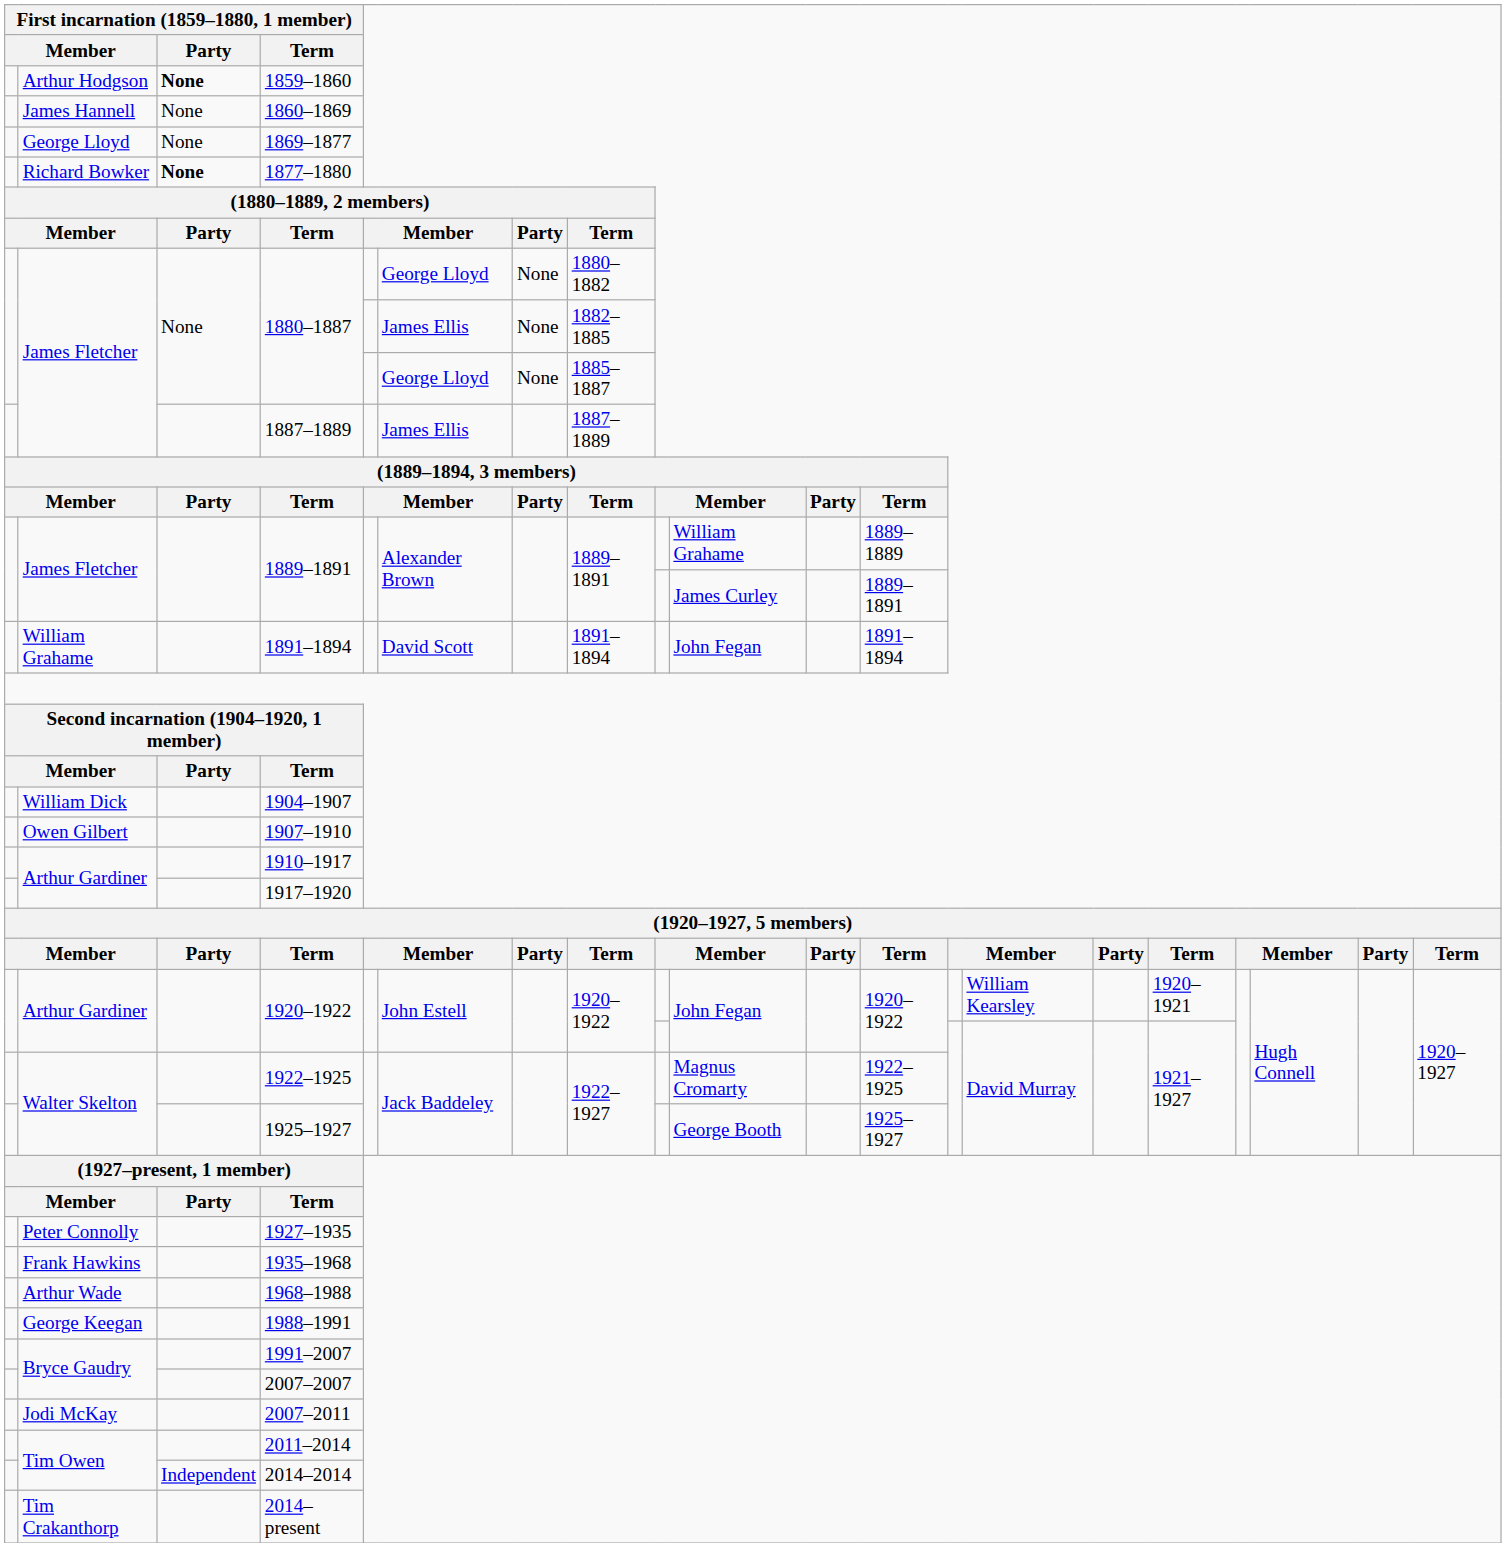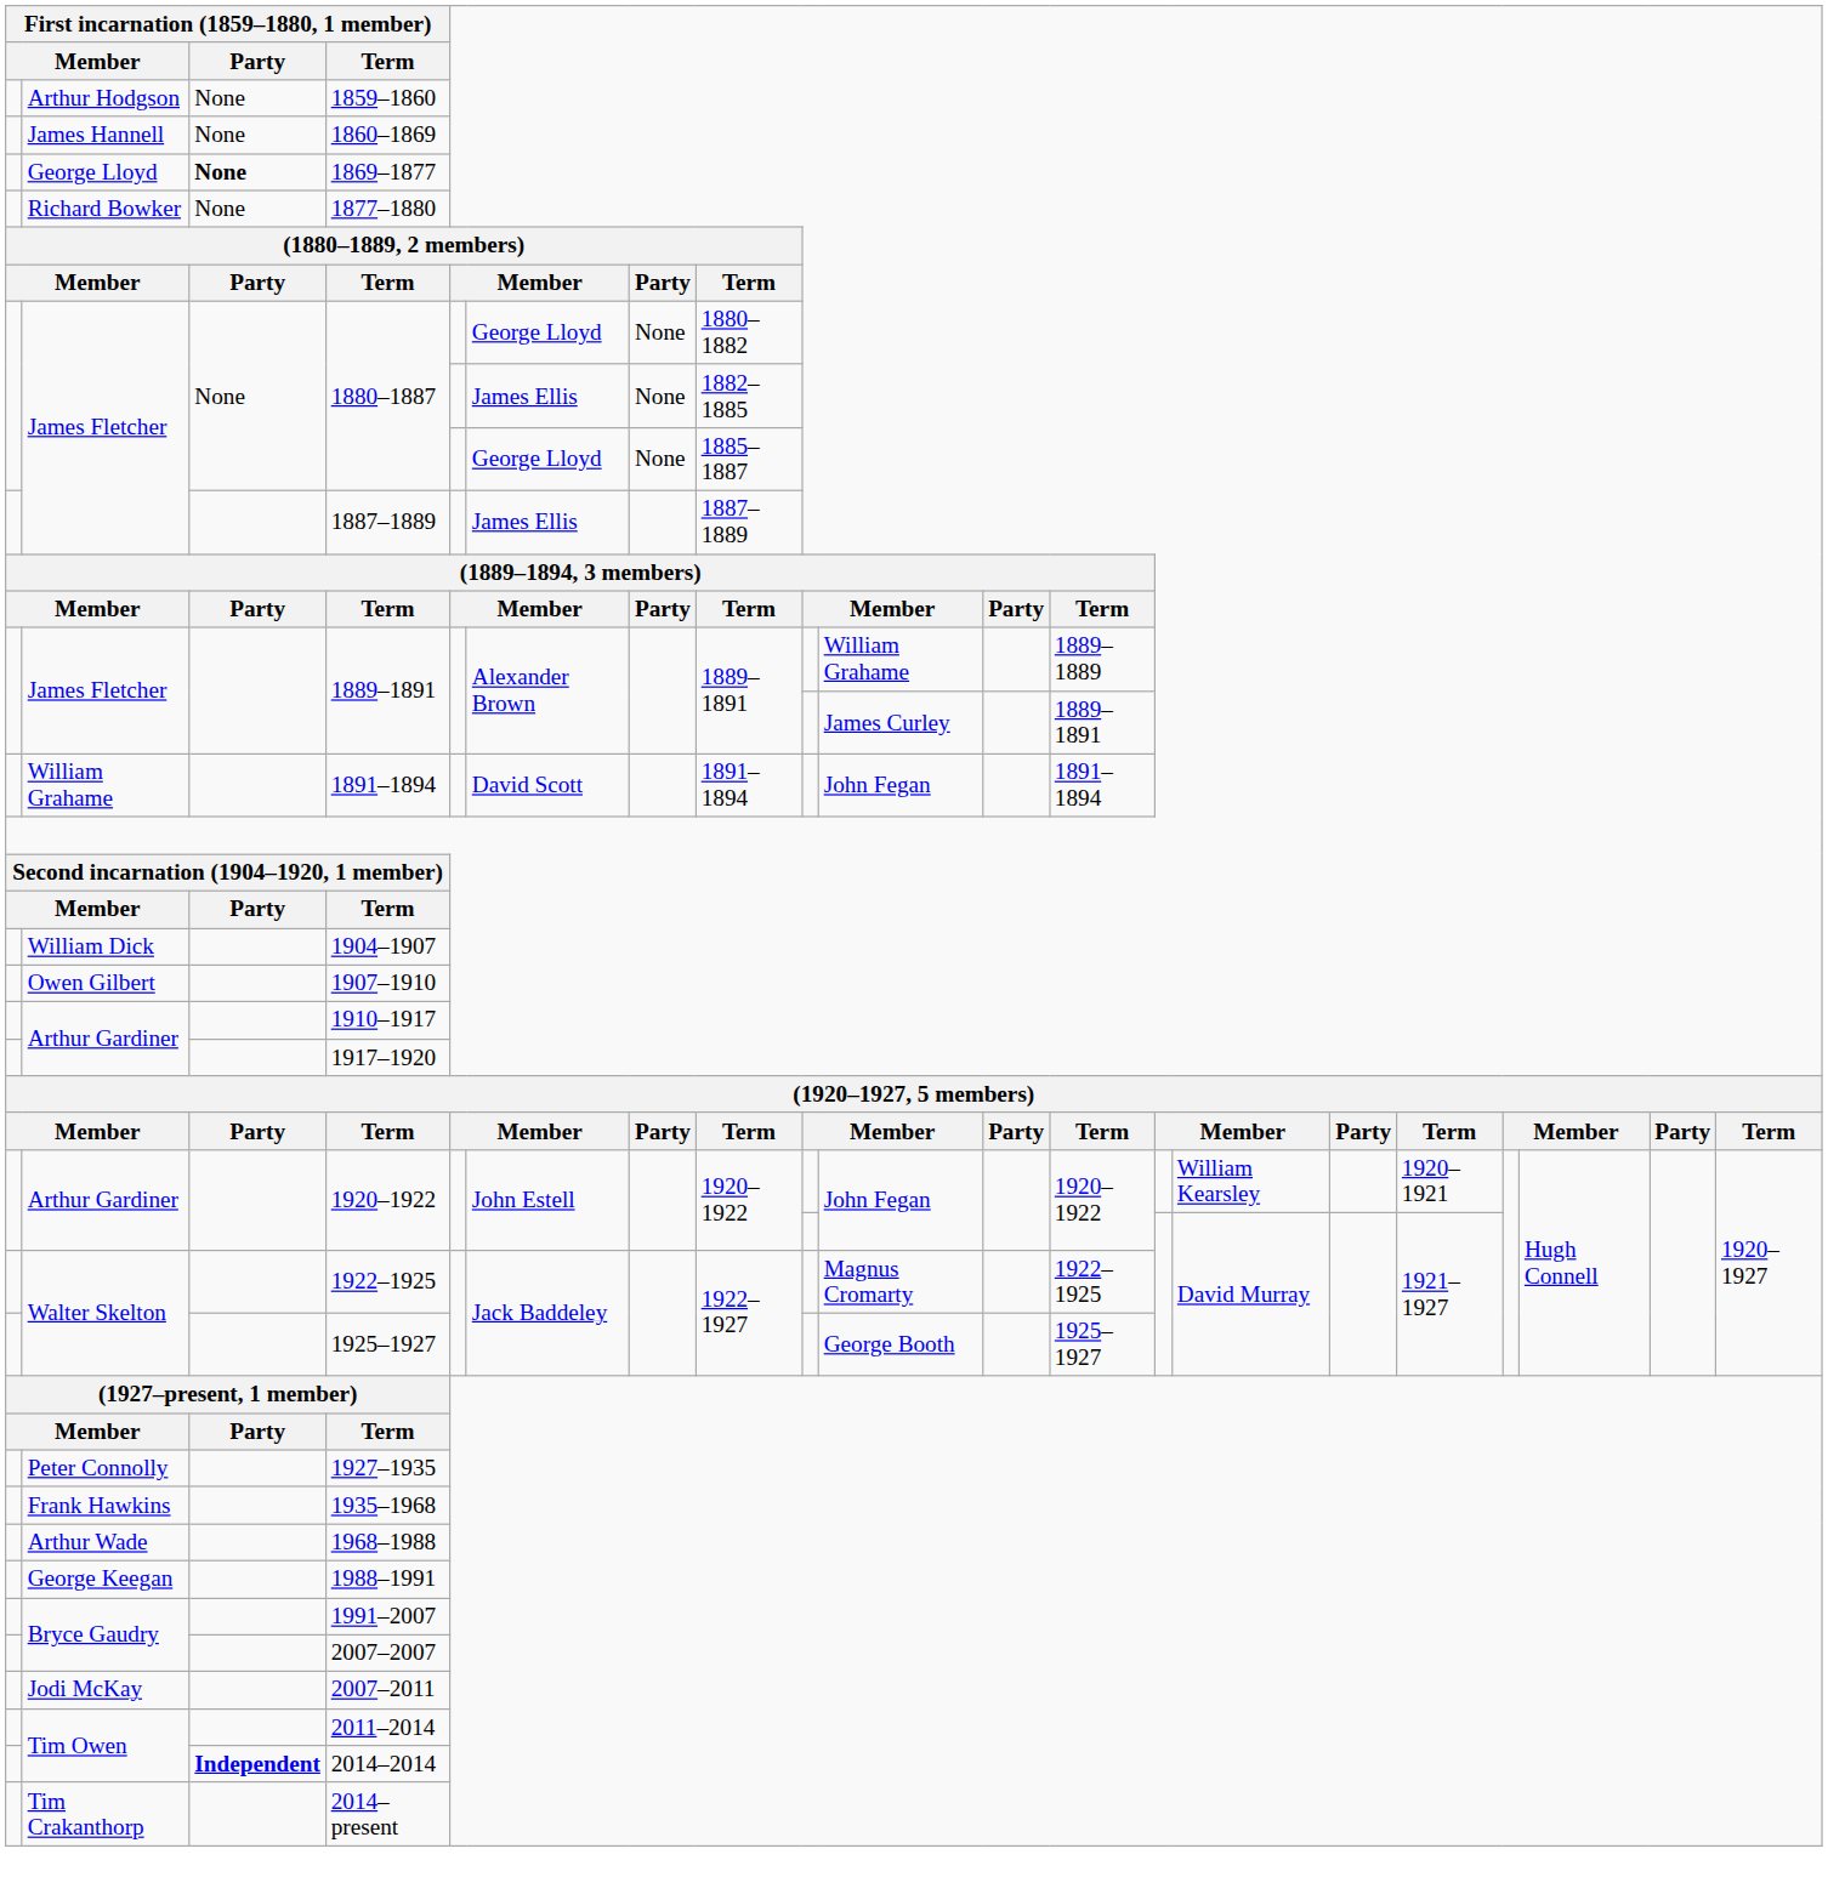 <table class="wikitable">
 <tr>
 <th colspan="4">First incarnation (1859–1880, 1 member)</th>
 </tr>
 <tr>
 <th colspan="2">Member</th>
 <th>Party</th>
 <th>Term</th>
 </tr>
 <tr style="background: #f9f9f9">
 <td> </td>
 <td><a href='#'>Arthur Hodgson</a></td>
-<td><strong>None</strong></td>
+<td>None</td>
 <td><a href='#'>1859</a>–1860</td>
 </tr>
 <tr style="background: #f9f9f9">
 <td> </td>
 <td><a href='#'>James Hannell</a></td>
 <td>None</td>
 <td><a href='#'>1860</a>–1869</td>
 </tr>
 <tr style="background: #f9f9f9">
 <td> </td>
 <td><a href='#'>George Lloyd</a></td>
-<td>None</td>
+<td><strong>None</strong></td>
 <td><a href='#'>1869</a>–1877</td>
 </tr>
 <tr style="background: #f9f9f9">
 <td> </td>
 <td><a href='#'>Richard Bowker</a></td>
-<td><strong>None</strong></td>
+<td>None</td>
 <td><a href='#'>1877</a>–1880</td>
 </tr>
 <tr>
 <th colspan="8">(1880–1889, 2 members)</th>
 </tr>
 <tr>
 <th colspan="2">Member</th>
 <th>Party</th>
 <th>Term</th>
 <th colspan="2">Member</th>
 <th>Party</th>
 <th>Term</th>
 </tr>
 <tr style="background: #f9f9f9">
 <td rowspan="3" > </td>
 <td rowspan="4"><a href='#'>James Fletcher</a></td>
 <td rowspan="3">None</td>
 <td rowspan="3"><a href='#'>1880</a>–1887</td>
 <td> </td>
 <td><a href='#'>George Lloyd</a></td>
 <td>None</td>
 <td><a href='#'>1880</a>–1882</td>
 </tr>
 <tr style="background: #f9f9f9">
 <td> </td>
 <td><a href='#'>James Ellis</a></td>
 <td>None</td>
 <td><a href='#'>1882</a>–1885</td>
 </tr>
 <tr style="background: #f9f9f9">
 <td> </td>
 <td><a href='#'>George Lloyd</a></td>
 <td>None</td>
 <td><a href='#'>1885</a>–1887</td>
 </tr>
 <tr style="background: #f9f9f9">
 <td> </td>
 <td></td>
 <td>1887–1889</td>
 <td> </td>
 <td><a href='#'>James Ellis</a></td>
 <td></td>
 <td><a href='#'>1887</a>–1889</td>
 </tr>
 <tr>
 <th colspan="12">(1889–1894, 3 members)</th>
 </tr>
 <tr>
 <th colspan="2">Member</th>
 <th>Party</th>
 <th>Term</th>
 <th colspan="2">Member</th>
 <th>Party</th>
 <th>Term</th>
 <th colspan="2">Member</th>
 <th>Party</th>
 <th>Term</th>
 </tr>
 <tr style="background: #f9f9f9">
 <td rowspan="2" > </td>
 <td rowspan="2"><a href='#'>James Fletcher</a></td>
 <td rowspan="2"></td>
 <td rowspan="2"><a href='#'>1889</a>–1891</td>
 <td rowspan="2" > </td>
 <td rowspan="2"><a href='#'>Alexander Brown</a></td>
 <td rowspan="2"></td>
 <td rowspan="2"><a href='#'>1889</a>–1891</td>
 <td> </td>
 <td><a href='#'>William Grahame</a></td>
 <td></td>
 <td><a href='#'>1889</a>–1889</td>
 </tr>
 <tr style="background: #f9f9f9">
 <td> </td>
 <td><a href='#'>James Curley</a></td>
 <td></td>
 <td><a href='#'>1889</a>–1891</td>
 </tr>
 <tr style="background: #f9f9f9">
 <td> </td>
 <td><a href='#'>William Grahame</a></td>
 <td></td>
 <td><a href='#'>1891</a>–1894</td>
 <td> </td>
 <td><a href='#'>David Scott</a></td>
 <td></td>
 <td><a href='#'>1891</a>–1894</td>
 <td> </td>
 <td><a href='#'>John Fegan</a></td>
 <td></td>
 <td><a href='#'>1891</a>–1894</td>
 </tr>
 <tr>
 <td colspan="4" style='border-style: none none none none;'> </td>
 </tr>
 <tr>
 <th colspan="4">Second incarnation (1904–1920, 1 member)</th>
 </tr>
 <tr>
 <th colspan="2">Member</th>
 <th>Party</th>
 <th>Term</th>
 </tr>
 <tr style="background: #f9f9f9">
 <td> </td>
 <td><a href='#'>William Dick</a></td>
 <td></td>
 <td><a href='#'>1904</a>–1907</td>
 </tr>
 <tr style="background: #f9f9f9">
 <td> </td>
 <td><a href='#'>Owen Gilbert</a></td>
 <td></td>
 <td><a href='#'>1907</a>–1910</td>
 </tr>
 <tr style="background: #f9f9f9">
 <td> </td>
 <td rowspan="2"><a href='#'>Arthur Gardiner</a></td>
 <td></td>
 <td><a href='#'>1910</a>–1917</td>
 </tr>
 <tr style="background: #f9f9f9">
 <td> </td>
 <td></td>
 <td>1917–1920</td>
 </tr>
 <tr>
 <th colspan="20">(1920–1927, 5 members)</th>
 </tr>
 <tr>
 <th colspan="2">Member</th>
 <th>Party</th>
 <th>Term</th>
 <th colspan="2">Member</th>
 <th>Party</th>
 <th>Term</th>
 <th colspan="2">Member</th>
 <th>Party</th>
 <th>Term</th>
 <th colspan="2">Member</th>
 <th>Party</th>
 <th>Term</th>
 <th colspan="2">Member</th>
 <th>Party</th>
 <th>Term</th>
 </tr>
 <tr style="background: #f9f9f9">
 <td rowspan="2" > </td>
 <td rowspan="2"><a href='#'>Arthur Gardiner</a></td>
 <td rowspan="2"></td>
 <td rowspan="2"><a href='#'>1920</a>–1922</td>
 <td rowspan="2" > </td>
 <td rowspan="2"><a href='#'>John Estell</a></td>
 <td rowspan="2"></td>
 <td rowspan="2"><a href='#'>1920</a>–1922</td>
 <td> </td>
 <td rowspan="2"><a href='#'>John Fegan</a></td>
 <td rowspan="2"></td>
 <td rowspan="2"><a href='#'>1920</a>–1922</td>
 <td> </td>
 <td><a href='#'>William Kearsley</a></td>
 <td></td>
 <td><a href='#'>1920</a>–1921</td>
 <td rowspan="4" > </td>
 <td rowspan="4"><a href='#'>Hugh Connell</a></td>
 <td rowspan="4"></td>
 <td rowspan="4"><a href='#'>1920</a>–1927</td>
 </tr>
 <tr style="background: #f9f9f9">
 <td> </td>
 <td rowspan="3" > </td>
 <td rowspan="3"><a href='#'>David Murray</a></td>
 <td rowspan="3"></td>
 <td rowspan="3"><a href='#'>1921</a>–1927</td>
 </tr>
 <tr style="background: #f9f9f9">
 <td> </td>
 <td rowspan="2"><a href='#'>Walter Skelton</a></td>
 <td></td>
 <td><a href='#'>1922</a>–1925</td>
 <td rowspan="2" > </td>
 <td rowspan="2"><a href='#'>Jack Baddeley</a></td>
 <td rowspan="2"></td>
 <td rowspan="2"><a href='#'>1922</a>–1927</td>
 <td> </td>
 <td><a href='#'>Magnus Cromarty</a></td>
 <td></td>
 <td><a href='#'>1922</a>–1925</td>
 </tr>
 <tr style="background: #f9f9f9">
 <td> </td>
 <td></td>
 <td>1925–1927</td>
 <td> </td>
 <td><a href='#'>George Booth</a></td>
 <td></td>
 <td><a href='#'>1925</a>–1927</td>
 </tr>
 <tr>
 <th colspan="4">(1927–present, 1 member)</th>
 </tr>
 <tr>
 <th colspan="2">Member</th>
 <th>Party</th>
 <th>Term</th>
 </tr>
 <tr style="background: #f9f9f9">
 <td> </td>
 <td><a href='#'>Peter Connolly</a></td>
 <td></td>
 <td><a href='#'>1927</a>–1935</td>
 </tr>
 <tr style="background: #f9f9f9">
 <td> </td>
 <td><a href='#'>Frank Hawkins</a></td>
 <td></td>
 <td><a href='#'>1935</a>–1968</td>
 </tr>
 <tr style="background: #f9f9f9">
 <td> </td>
 <td><a href='#'>Arthur Wade</a></td>
 <td></td>
 <td><a href='#'>1968</a>–1988</td>
 </tr>
 <tr style="background: #f9f9f9">
 <td> </td>
 <td><a href='#'>George Keegan</a></td>
 <td></td>
 <td><a href='#'>1988</a>–1991</td>
 </tr>
 <tr style="background: #f9f9f9">
 <td> </td>
 <td rowspan="2"><a href='#'>Bryce Gaudry</a></td>
 <td></td>
 <td><a href='#'>1991</a>–2007</td>
 </tr>
 <tr style="background: #f9f9f9">
 <td> </td>
 <td></td>
 <td>2007–2007</td>
 </tr>
 <tr style="background: #f9f9f9">
 <td> </td>
 <td><a href='#'>Jodi McKay</a></td>
 <td></td>
 <td><a href='#'>2007</a>–2011</td>
 </tr>
 <tr style="background: #f9f9f9">
 <td> </td>
 <td rowspan="2"><a href='#'>Tim Owen</a></td>
 <td></td>
 <td><a href='#'>2011</a>–2014</td>
 </tr>
 <tr style="background: #f9f9f9">
 <td> </td>
-<td><a href='#'>Independent</a></td>
+<td><strong><a href='#'>Independent</a></strong></td>
 <td>2014–2014</td>
 </tr>
 <tr style="background: #f9f9f9">
 <td> </td>
 <td><a href='#'>Tim Crakanthorp</a></td>
 <td></td>
 <td><a href='#'>2014</a>–present</td>
 </tr>
 </table>
